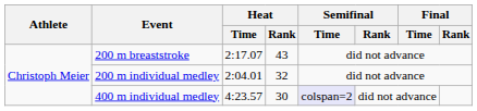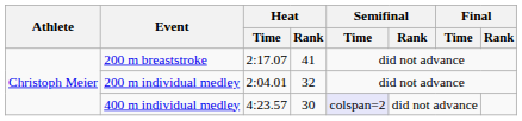 <table class=wikitable style="font-size:90%">
 <tr>
 <th rowspan="2">Athlete</th>
 <th rowspan="2">Event</th>
 <th colspan="2">Heat</th>
 <th colspan="2">Semifinal</th>
 <th colspan="2">Final</th>
 </tr>
 <tr style="font-size:95%">
 <th>Time</th>
 <th>Rank</th>
 <th>Time</th>
 <th>Rank</th>
 <th>Time</th>
 <th>Rank</th>
 </tr>
 <tr align=center>
 <td align=left rowspan=3><a href='#'>Christoph Meier</a></td>
 <td align=left><a href='#'>200 m breaststroke</a></td>
 <td>2:17.07</td>
-<td>43</td>
+<td>41</td>
 <td colspan=4>did not advance</td>
 </tr>
 <tr align=center>
 <td align=left><a href='#'>200 m individual medley</a></td>
 <td>2:04.01</td>
 <td>32</td>
 <td colspan=4>did not advance</td>
 </tr>
 <tr align=center>
 <td align=left><a href='#'>400 m individual medley</a></td>
 <td>4:23.57</td>
 <td>30</td>
 <td style="background: lavender;">colspan=2 </td>
 <td colspan=2>did not advance</td>
 </tr>
 </table>
